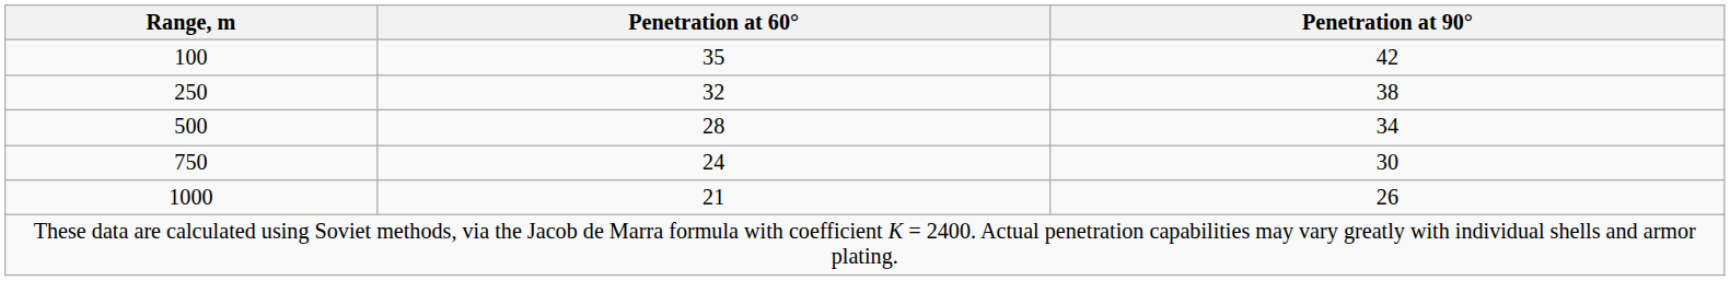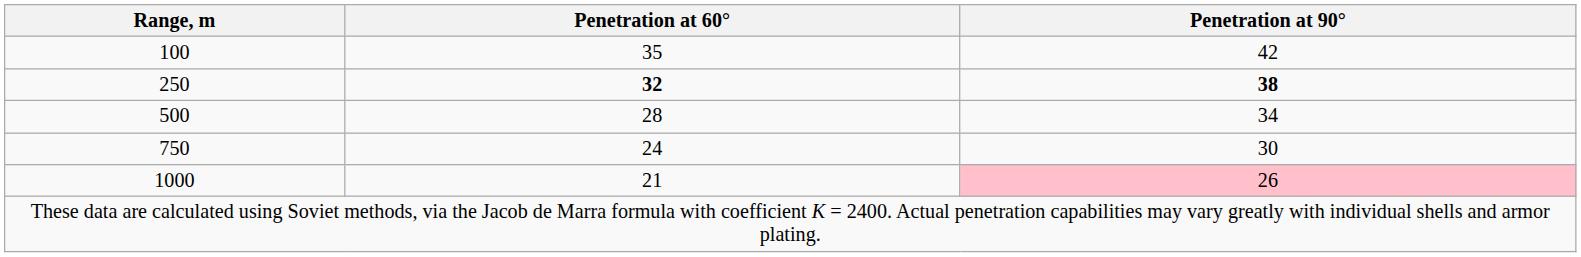 <table class="wikitable" style="text-align:center">
 <tr>
 <th>Range, m</th>
 <th>Penetration at 60°</th>
 <th>Penetration at 90°</th>
 </tr>
 <tr>
 <td>100</td>
 <td>35</td>
 <td>42</td>
 </tr>
 <tr>
 <td>250</td>
-<td>32</td>
-<td>38</td>
+<td><strong>32</strong></td>
+<td><strong>38</strong></td>
 </tr>
 <tr>
 <td>500</td>
 <td>28</td>
 <td>34</td>
 </tr>
 <tr>
 <td>750</td>
 <td>24</td>
 <td>30</td>
 </tr>
 <tr>
 <td>1000</td>
 <td>21</td>
-<td>26</td>
+<td style="background: pink;">26</td>
 </tr>
 <tr>
 <td colspan = "3">These data are calculated using Soviet methods, via the Jacob de Marra formula with coefficient <em>K</em> = 2400. Actual penetration capabilities may vary greatly with individual shells and armor plating.</td>
 </tr>
 </table>
